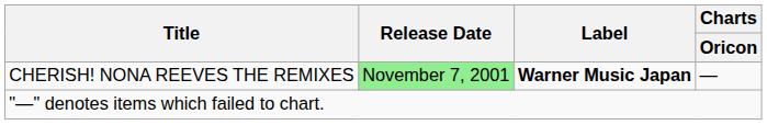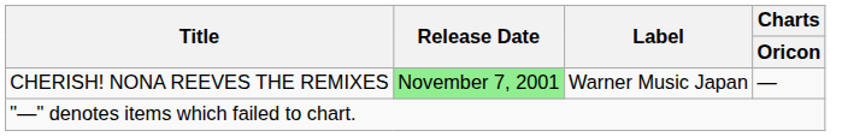 <table class="wikitable">
 <tr>
 <th rowspan="2">Title</th>
 <th rowspan="2">Release Date</th>
 <th rowspan="2">Label</th>
 <th>Charts</th>
 </tr>
 <tr>
 <th>Oricon</th>
 </tr>
 <tr>
 <td>CHERISH! NONA REEVES THE REMIXES</td>
 <td style="background: lightgreen;">November 7, 2001</td>
-<td><strong>Warner Music Japan</strong></td>
+<td>Warner Music Japan</td>
 <td>—</td>
 </tr>
 <tr>
 <td colspan="4">"—" denotes items which failed to chart.</td>
 </tr>
 </table>
